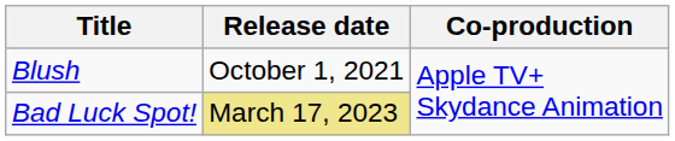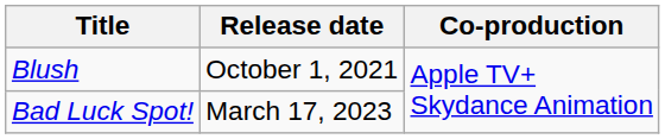 <table class="wikitable">
 <tr>
 <th>Title</th>
 <th>Release date</th>
 <th>Co-production</th>
 </tr>
 <tr>
 <td><em><a href='#'>Blush</a></em></td>
 <td>October 1, 2021</td>
 <td rowspan="2"><a href='#'>Apple TV+</a> <br><a href='#'>Skydance Animation</a></td>
 </tr>
 <tr>
 <td><em><a href='#'>Bad Luck Spot!</a></em></td>
-<td style="background: khaki;">March 17, 2023</td>
+<td>March 17, 2023</td>
 </tr>
 </table>
